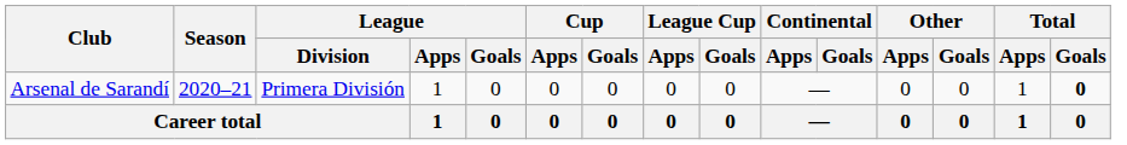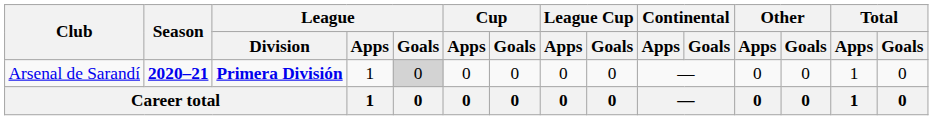 <table class="wikitable" style="text-align:center">
 <tr>
 <th rowspan="2">Club</th>
 <th rowspan="2">Season</th>
 <th colspan="3">League</th>
 <th colspan="2">Cup</th>
 <th colspan="2">League Cup</th>
 <th colspan="2">Continental</th>
 <th colspan="2">Other</th>
 <th colspan="2">Total</th>
 </tr>
 <tr>
 <th>Division</th>
 <th>Apps</th>
 <th>Goals</th>
 <th>Apps</th>
 <th>Goals</th>
 <th>Apps</th>
 <th>Goals</th>
 <th>Apps</th>
 <th>Goals</th>
 <th>Apps</th>
 <th>Goals</th>
 <th>Apps</th>
 <th>Goals</th>
 </tr>
 <tr>
 <td rowspan="1"><a href='#'>Arsenal de Sarandí</a></td>
-<td><a href='#'>2020–21</a></td>
-<td rowspan="1"><a href='#'>Primera División</a></td>
+<td><strong><a href='#'>2020–21</a></strong></td>
+<td rowspan="1"><strong><a href='#'>Primera División</a></strong></td>
 <td>1</td>
-<td>0</td>
+<td style="background: lightgrey;">0</td>
 <td>0</td>
 <td>0</td>
 <td>0</td>
 <td>0</td>
 <td colspan="2">—</td>
 <td>0</td>
 <td>0</td>
 <td>1</td>
-<td><strong>0</strong></td>
+<td>0</td>
 </tr>
 <tr>
 <th colspan="3">Career total</th>
 <th>1</th>
 <th>0</th>
 <th>0</th>
 <th>0</th>
 <th>0</th>
 <th>0</th>
 <th colspan="2">—</th>
 <th>0</th>
 <th>0</th>
 <th>1</th>
 <th>0</th>
 </tr>
 </table>
